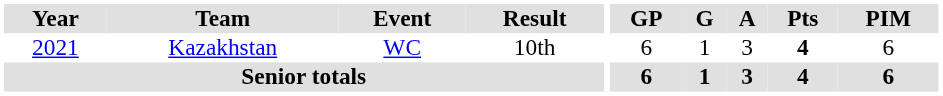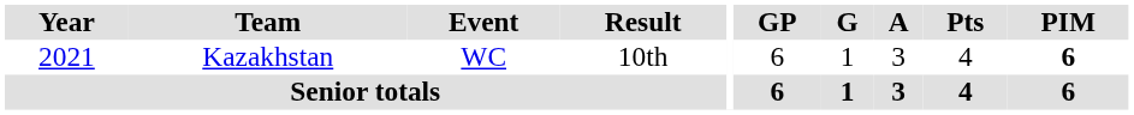 <table border="0" cellpadding="1" cellspacing="0" ID="Table3" style="text-align:center; width:40em">
 <tr ALIGN="center" bgcolor="#e0e0e0">
 <th>Year</th>
 <th>Team</th>
 <th>Event</th>
 <th>Result</th>
 <th rowspan="99" bgcolor="#ffffff"></th>
 <th>GP</th>
 <th>G</th>
 <th>A</th>
 <th>Pts</th>
 <th>PIM</th>
 </tr>
 <tr>
 <td><a href='#'>2021</a></td>
 <td><a href='#'>Kazakhstan</a></td>
 <td><a href='#'>WC</a></td>
 <td>10th</td>
 <td>6</td>
 <td>1</td>
 <td>3</td>
-<td><strong>4</strong></td>
-<td>6</td>
+<td>4</td>
+<td><strong>6</strong></td>
 </tr>
 <tr bgcolor="#e0e0e0">
 <th colspan="4">Senior totals</th>
 <th>6</th>
 <th>1</th>
 <th>3</th>
 <th>4</th>
 <th>6</th>
 </tr>
 </table>
